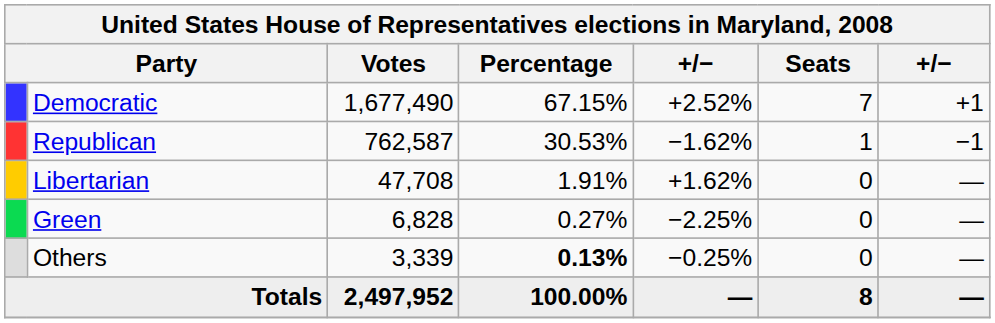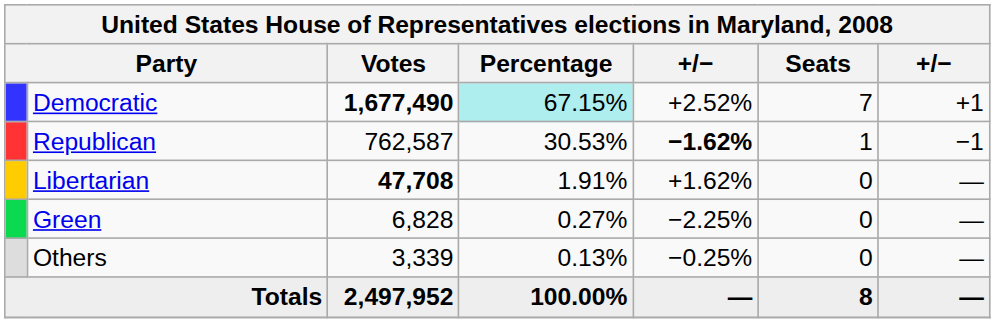 <table class="wikitable" style="font-size: 95%;">
 <tr>
 <th colspan="7">United States House of Representatives elections in Maryland, 2008</th>
 </tr>
 <tr>
 <th colspan=2 style="width: 15em">Party</th>
 <th style="width: 5em">Votes</th>
 <th style="width: 7em">Percentage</th>
 <th style="width: 5em">+/−</th>
 <th style="width: 5em">Seats</th>
 <th style="width: 5em">+/−</th>
 </tr>
 <tr>
 <th style="background-color:#3333FF; width: 3px"></th>
 <td style="width: 130px"><a href='#'>Democratic</a></td>
-<td align="right">1,677,490</td>
-<td align="right">67.15%</td>
+<td align="right"><strong>1,677,490</strong></td>
+<td align="right" style="background: paleturquoise;">67.15%</td>
 <td align="right">+2.52%</td>
 <td align="right">7</td>
 <td align="right">+1</td>
 </tr>
 <tr>
 <th style="background-color:#FF3333; width: 3px"></th>
 <td style="width: 130px"><a href='#'>Republican</a></td>
 <td align="right">762,587</td>
 <td align="right">30.53%</td>
-<td align="right">−1.62%</td>
+<td align="right"><strong>−1.62%</strong></td>
 <td align="right">1</td>
 <td align="right">−1</td>
 </tr>
 <tr>
 <th style="background-color:#FFCC00; width: 3px"></th>
 <td style="width: 130px"><a href='#'>Libertarian</a></td>
-<td align="right">47,708</td>
+<td align="right"><strong>47,708</strong></td>
 <td align="right">1.91%</td>
 <td align="right">+1.62%</td>
 <td align="right">0</td>
 <td align="right">—</td>
 </tr>
 <tr>
 <th style="background-color:#0BDA51; width: 3px"></th>
 <td style="width: 130px"><a href='#'>Green</a></td>
 <td align="right">6,828</td>
 <td align="right">0.27%</td>
 <td align="right">−2.25%</td>
 <td align="right">0</td>
 <td align="right">—</td>
 </tr>
 <tr>
 <th style="background-color:#DDDDDD; width: 3px"></th>
 <td style="width: 130px">Others</td>
 <td align="right">3,339</td>
-<td align="right"><strong>0.13%</strong></td>
+<td align="right">0.13%</td>
 <td align="right">−0.25%</td>
 <td align="right">0</td>
 <td align="right">—</td>
 </tr>
 <tr bgcolor="#EEEEEE">
 <td colspan="2" align="right"><strong>Totals</strong></td>
 <td align="right"><strong>2,497,952</strong></td>
 <td align="right"><strong>100.00%</strong></td>
 <td align="right"><strong>—</strong></td>
 <td align="right"><strong>8</strong></td>
 <td align="right"><strong>—</strong></td>
 </tr>
 <tr bgcolor="#EEEEEE">
 </tr>
 </table>
